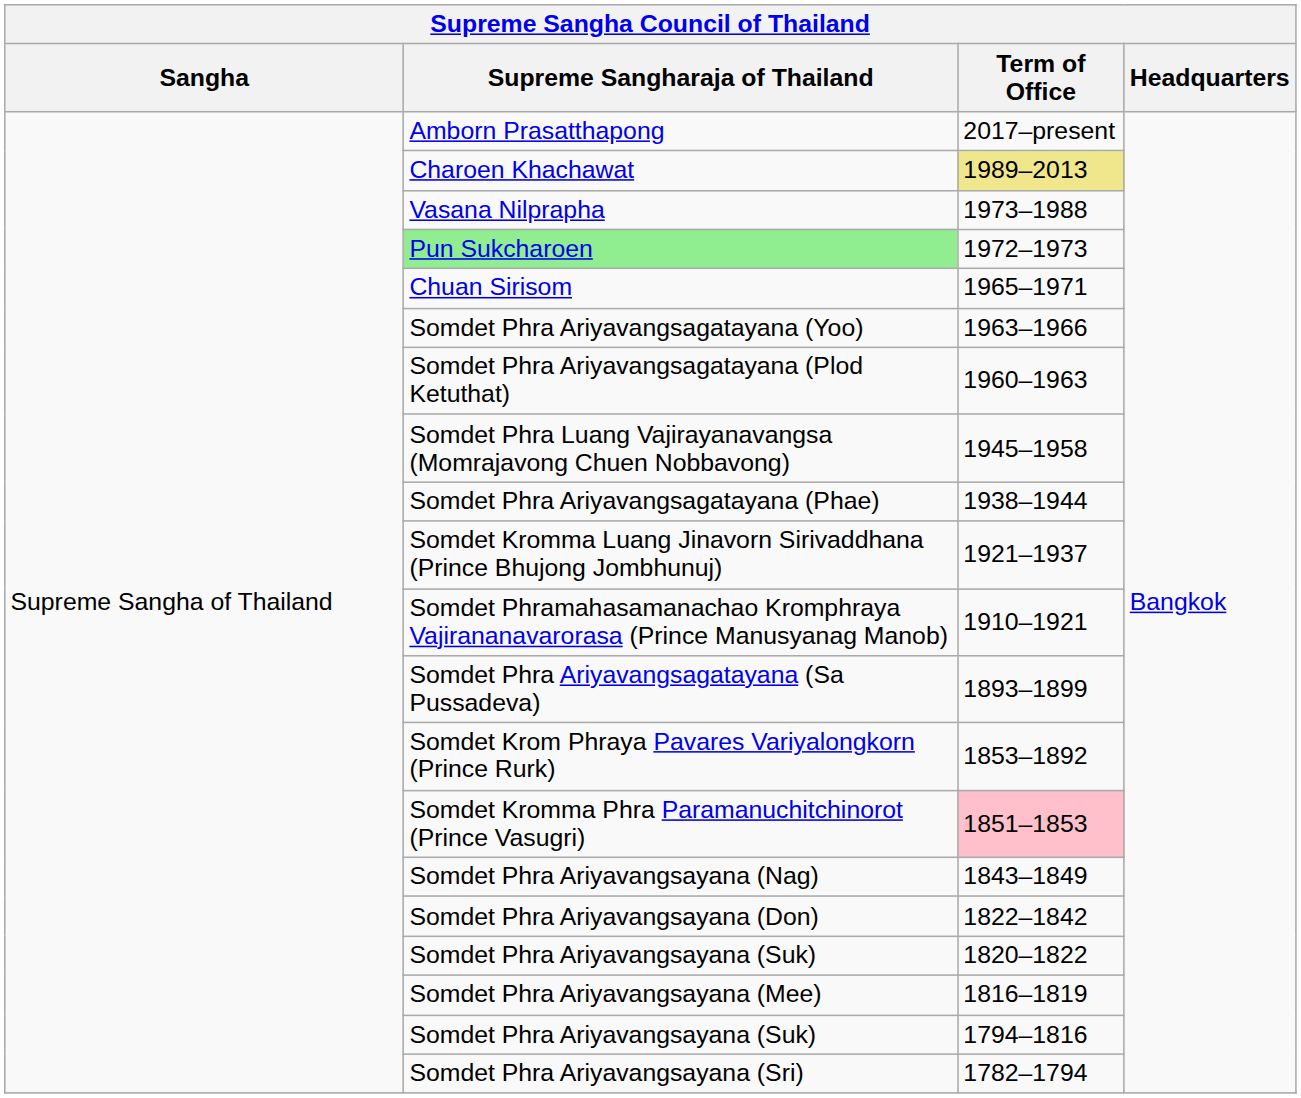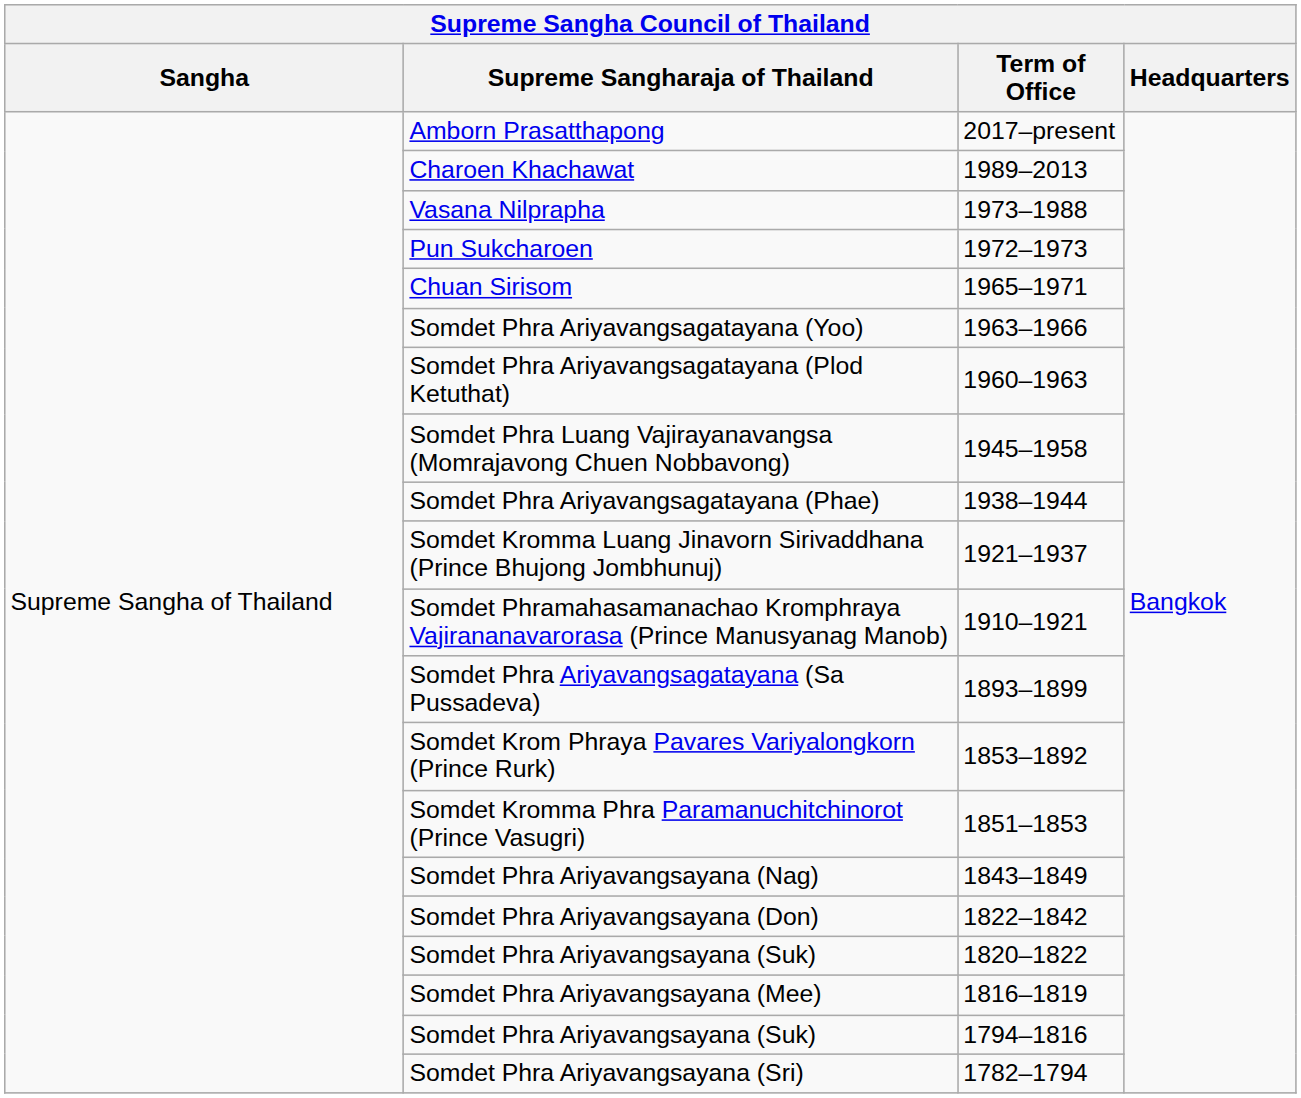 <table class=wikitable>
 <tr>
 <th colspan="4"><strong><a href='#'>Supreme Sangha Council of Thailand</a></strong></th>
 </tr>
 <tr>
 <th scope="row"  width="250">Sangha</th>
 <th scope="row"  width="350">Supreme Sangharaja of Thailand</th>
 <th scope="row"  width="100">Term of Office</th>
 <th scope="row"  width="100">Headquarters</th>
 </tr>
 <tr>
 <td rowspan= "20">Supreme Sangha of Thailand</td>
 <td><a href='#'>Amborn Prasatthapong</a></td>
 <td>2017–present</td>
 <td rowspan= "20"><a href='#'>Bangkok</a></td>
 </tr>
 <tr>
 <td><a href='#'>Charoen Khachawat</a></td>
-<td style="background: khaki;">1989–2013</td>
+<td>1989–2013</td>
 </tr>
 <tr>
 <td><a href='#'>Vasana Nilprapha</a></td>
 <td>1973–1988</td>
 </tr>
 <tr>
-<td style="background: lightgreen;"><a href='#'>Pun Sukcharoen</a></td>
+<td><a href='#'>Pun Sukcharoen</a></td>
 <td>1972–1973</td>
 </tr>
 <tr>
 <td><a href='#'>Chuan Sirisom</a></td>
 <td>1965–1971</td>
 </tr>
 <tr>
 <td>Somdet Phra Ariyavangsagatayana (Yoo)</td>
 <td>1963–1966</td>
 </tr>
 <tr>
 <td>Somdet Phra Ariyavangsagatayana (Plod Ketuthat) </td>
 <td>1960–1963</td>
 </tr>
 <tr>
 <td>Somdet Phra Luang Vajirayanavangsa (Momrajavong Chuen Nobbavong)</td>
 <td>1945–1958</td>
 </tr>
 <tr>
 <td>Somdet Phra Ariyavangsagatayana (Phae)</td>
 <td>1938–1944</td>
 </tr>
 <tr>
 <td>Somdet Kromma Luang Jinavorn Sirivaddhana (Prince Bhujong Jombhunuj)</td>
 <td>1921–1937</td>
 </tr>
 <tr>
 <td>Somdet Phramahasamanachao Kromphraya <a href='#'>Vajirananavarorasa</a> (Prince Manusyanag Manob)</td>
 <td>1910–1921</td>
 </tr>
 <tr>
 <td>Somdet Phra <a href='#'>Ariyavangsagatayana</a> (Sa Pussadeva)</td>
 <td>1893–1899</td>
 </tr>
 <tr>
 <td>Somdet Krom Phraya <a href='#'>Pavares Variyalongkorn</a> (Prince Rurk)</td>
 <td>1853–1892</td>
 </tr>
 <tr>
 <td>Somdet Kromma Phra <a href='#'>Paramanuchitchinorot</a> (Prince Vasugri)</td>
-<td style="background: pink;">1851–1853</td>
+<td>1851–1853</td>
 </tr>
 <tr>
 <td>Somdet Phra Ariyavangsayana (Nag)</td>
 <td>1843–1849</td>
 </tr>
 <tr>
 <td>Somdet Phra Ariyavangsayana (Don)</td>
 <td>1822–1842</td>
 </tr>
 <tr>
 <td>Somdet Phra Ariyavangsayana (Suk)</td>
 <td>1820–1822</td>
 </tr>
 <tr>
 <td>Somdet Phra Ariyavangsayana (Mee)</td>
 <td>1816–1819</td>
 </tr>
 <tr>
 <td>Somdet Phra Ariyavangsayana (Suk)</td>
 <td>1794–1816</td>
 </tr>
 <tr>
 <td>Somdet Phra Ariyavangsayana (Sri)</td>
 <td>1782–1794</td>
 </tr>
 </table>
